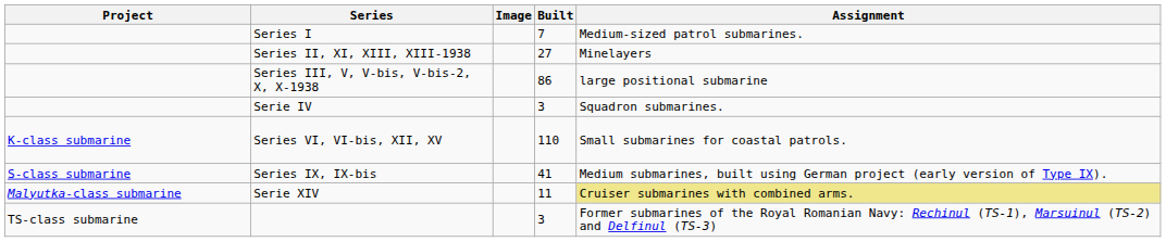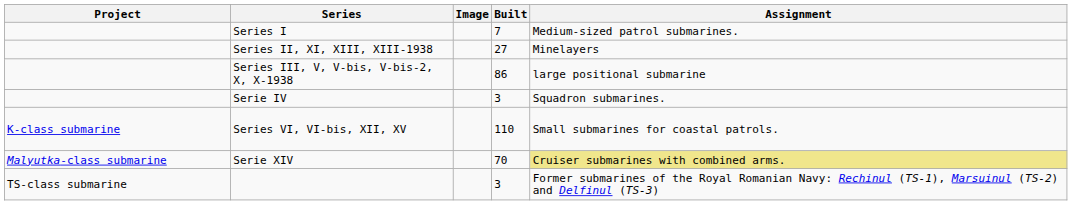 <table class="wikitable">
 <tr>
 <th style="width: 20em">Project</th>
 <th>Series</th>
 <th>Image</th>
 <th>Built</th>
 <th>Assignment</th>
 </tr>
 <tr>
 <td></td>
 <td>Series I</td>
 <td></td>
 <td>7</td>
 <td>Medium-sized patrol submarines.</td>
 </tr>
 <tr>
 <td></td>
 <td>Series II, XI, XIII, XIII-1938</td>
 <td><br>   </td>
 <td>27</td>
 <td>Minelayers</td>
 </tr>
 <tr>
 <td></td>
 <td>Series III, V, V-bis, V-bis-2, X, X-1938</td>
 <td><br>    </td>
 <td>86</td>
 <td>large positional submarine</td>
 </tr>
 <tr>
 <td></td>
 <td>Serie IV</td>
 <td><br></td>
 <td>3</td>
 <td>Squadron submarines.</td>
 </tr>
 <tr>
 <td><a href='#'>K-class submarine</a></td>
 <td>Series VI, VI-bis, XII, XV</td>
 <td><br><br><br></td>
 <td>110</td>
 <td>Small submarines for coastal patrols.</td>
 </tr>
 <tr>
-<td><a href='#'>S-class submarine</a></td>
-<td>Series IX, IX-bis</td>
-<td></td>
-<td>41</td>
-<td>Medium submarines, built using German project (early version of <a href='#'>Type IX</a>).</td>
-</tr>
-<tr>
 <td><a href='#'><em>Malyutka</em>-class submarine</a></td>
 <td>Serie XIV</td>
 <td></td>
-<td>11</td>
+<td>70</td>
 <td style="background: khaki;">Cruiser submarines with combined arms.</td>
 </tr>
 <tr>
 <td>TS-class submarine</td>
 <td></td>
 <td></td>
 <td>3</td>
 <td>Former submarines of the Royal Romanian Navy: <a href='#'><em>Rechinul</em></a> (<em>TS-1</em>), <a href='#'><em>Marsuinul</em></a> (<em>TS-2</em>) and <a href='#'><em>Delfinul</em></a> (<em>TS-3</em>)</td>
 </tr>
 </table>
